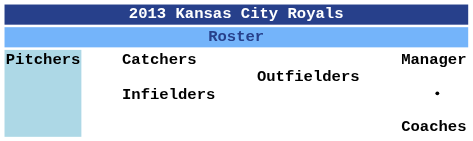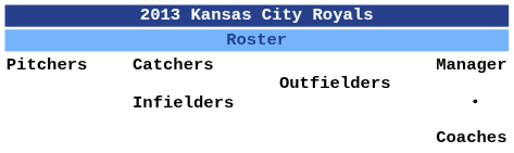 <table class="toccolours" style="font-size: 95%;">
 <tr>
 <th colspan="10" style="background-color: #27408B; color: #FFFFFF; text-align: center;">2013 Kansas City Royals</th>
 </tr>
 <tr>
 <td colspan="10" style="background-color: #74B4FA; color: #27408B; text-align: center;"><strong>Roster</strong></td>
 </tr>
 <tr>
-<td valign="top" style="background: lightblue;"><strong>Pitchers</strong><br>                   </td>
+<td valign="top"><strong>Pitchers</strong><br>                   </td>
 <td width="25px"></td>
 <td valign="top"><strong>Catchers</strong><br>   <br><strong>Infielders</strong>             </td>
 <td width="25px"></td>
 <td valign="top"><br><strong>Outfielders</strong>      </td>
 <td width="25px"></td>
 <td valign="top"><strong>Manager</strong><br><ul><li></li></ul><strong>Coaches</strong>                </td>
 </tr>
 </table>
